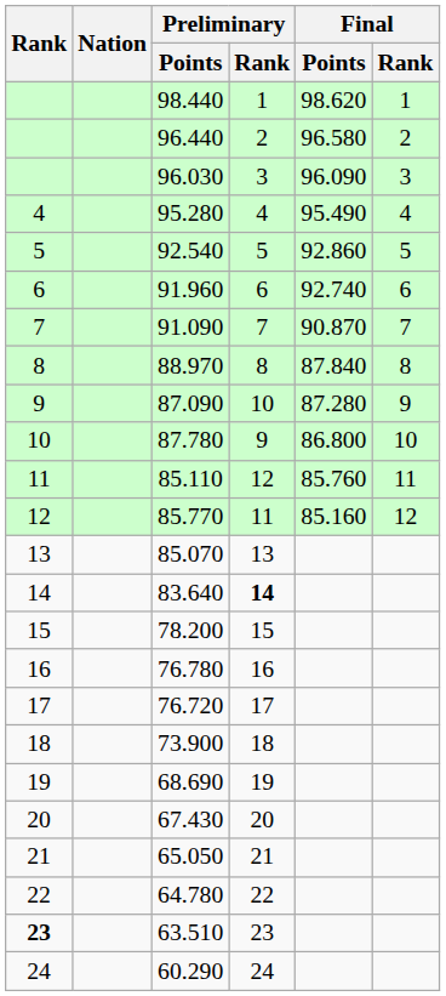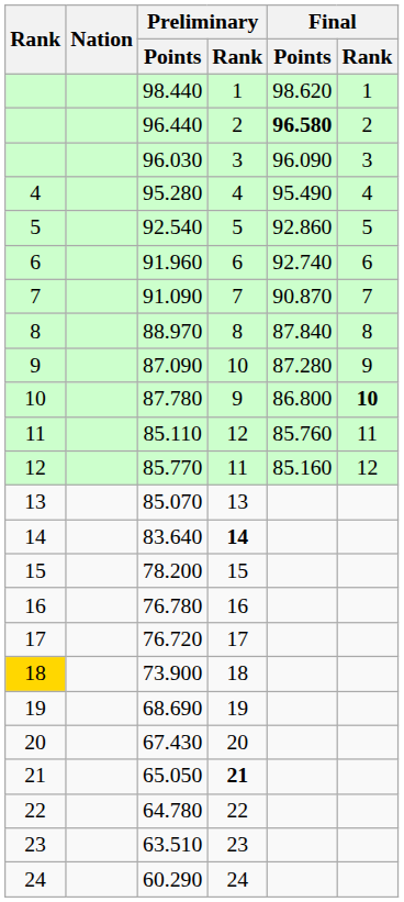 <table class="wikitable" style="text-align:center">
 <tr>
 <th rowspan="2">Rank</th>
 <th rowspan="2">Nation</th>
 <th colspan="2">Preliminary</th>
 <th colspan="2">Final</th>
 </tr>
 <tr>
 <th>Points</th>
 <th>Rank</th>
 <th>Points</th>
 <th>Rank</th>
 </tr>
 <tr bgcolor=ccffcc>
 <td></td>
 <td align=left></td>
 <td>98.440</td>
 <td>1</td>
 <td>98.620</td>
 <td>1</td>
 </tr>
 <tr bgcolor=ccffcc>
 <td></td>
 <td align=left></td>
 <td>96.440</td>
 <td>2</td>
-<td>96.580</td>
+<td><strong>96.580</strong></td>
 <td>2</td>
 </tr>
 <tr bgcolor=ccffcc>
 <td></td>
 <td align=left></td>
 <td>96.030</td>
 <td>3</td>
 <td>96.090</td>
 <td>3</td>
 </tr>
 <tr bgcolor=ccffcc>
 <td>4</td>
 <td align=left></td>
 <td>95.280</td>
 <td>4</td>
 <td>95.490</td>
 <td>4</td>
 </tr>
 <tr bgcolor=ccffcc>
 <td>5</td>
 <td align=left></td>
 <td>92.540</td>
 <td>5</td>
 <td>92.860</td>
 <td>5</td>
 </tr>
 <tr bgcolor=ccffcc>
 <td>6</td>
 <td align=left></td>
 <td>91.960</td>
 <td>6</td>
 <td>92.740</td>
 <td>6</td>
 </tr>
 <tr bgcolor=ccffcc>
 <td>7</td>
 <td align=left></td>
 <td>91.090</td>
 <td>7</td>
 <td>90.870</td>
 <td>7</td>
 </tr>
 <tr bgcolor=ccffcc>
 <td>8</td>
 <td align=left></td>
 <td>88.970</td>
 <td>8</td>
 <td>87.840</td>
 <td>8</td>
 </tr>
 <tr bgcolor=ccffcc>
 <td>9</td>
 <td align=left></td>
 <td>87.090</td>
 <td>10</td>
 <td>87.280</td>
 <td>9</td>
 </tr>
 <tr bgcolor=ccffcc>
 <td>10</td>
 <td align=left></td>
 <td>87.780</td>
 <td>9</td>
 <td>86.800</td>
-<td>10</td>
+<td><strong>10</strong></td>
 </tr>
 <tr bgcolor=ccffcc>
 <td>11</td>
 <td align=left></td>
 <td>85.110</td>
 <td>12</td>
 <td>85.760</td>
 <td>11</td>
 </tr>
 <tr bgcolor=ccffcc>
 <td>12</td>
 <td align=left></td>
 <td>85.770</td>
 <td>11</td>
 <td>85.160</td>
 <td>12</td>
 </tr>
 <tr>
 <td>13</td>
 <td align=left></td>
 <td>85.070</td>
 <td>13</td>
 <td></td>
 <td></td>
 </tr>
 <tr>
 <td>14</td>
 <td align=left></td>
 <td>83.640</td>
 <td><strong>14</strong></td>
 <td></td>
 <td></td>
 </tr>
 <tr>
 <td>15</td>
 <td align=left></td>
 <td>78.200</td>
 <td>15</td>
 <td></td>
 <td></td>
 </tr>
 <tr>
 <td>16</td>
 <td align=left></td>
 <td>76.780</td>
 <td>16</td>
 <td></td>
 <td></td>
 </tr>
 <tr>
 <td>17</td>
 <td align=left></td>
 <td>76.720</td>
 <td>17</td>
 <td></td>
 <td></td>
 </tr>
 <tr>
-<td>18</td>
+<td style="background: gold;">18</td>
 <td align=left></td>
 <td>73.900</td>
 <td>18</td>
 <td></td>
 <td></td>
 </tr>
 <tr>
 <td>19</td>
 <td align=left></td>
 <td>68.690</td>
 <td>19</td>
 <td></td>
 <td></td>
 </tr>
 <tr>
 <td>20</td>
 <td align=left></td>
 <td>67.430</td>
 <td>20</td>
 <td></td>
 <td></td>
 </tr>
 <tr>
 <td>21</td>
 <td align=left></td>
 <td>65.050</td>
-<td>21</td>
+<td><strong>21</strong></td>
 <td></td>
 <td></td>
 </tr>
 <tr>
 <td>22</td>
 <td align=left></td>
 <td>64.780</td>
 <td>22</td>
 <td></td>
 <td></td>
 </tr>
 <tr>
-<td><strong>23</strong></td>
+<td>23</td>
 <td align=left></td>
 <td>63.510</td>
 <td>23</td>
 <td></td>
 <td></td>
 </tr>
 <tr>
 <td>24</td>
 <td align=left></td>
 <td>60.290</td>
 <td>24</td>
 <td></td>
 <td></td>
 </tr>
 </table>
